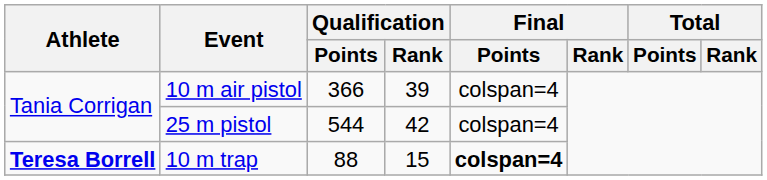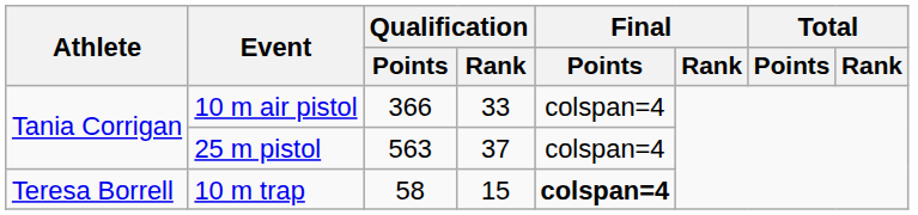 <table class=wikitable style=font-size:90%;text-align:center>
 <tr>
 <th rowspan=2>Athlete</th>
 <th rowspan=2>Event</th>
 <th colspan=2>Qualification</th>
 <th colspan=2>Final</th>
 <th colspan=2>Total</th>
 </tr>
 <tr style=font-size:95%>
 <th>Points</th>
 <th>Rank</th>
 <th>Points</th>
 <th>Rank</th>
 <th>Points</th>
 <th>Rank</th>
 </tr>
 <tr>
 <td align=left rowspan=2><a href='#'>Tania Corrigan</a></td>
 <td align=left><a href='#'>10 m air pistol</a></td>
 <td>366</td>
-<td>39</td>
+<td>33</td>
 <td>colspan=4 </td>
 </tr>
 <tr>
 <td align=left><a href='#'>25 m pistol</a></td>
-<td>544</td>
-<td>42</td>
+<td>563</td>
+<td>37</td>
 <td>colspan=4 </td>
 </tr>
 <tr>
-<td align=left><strong><a href='#'>Teresa Borrell</a></strong></td>
+<td align=left><a href='#'>Teresa Borrell</a></td>
 <td align=left><a href='#'>10 m trap</a></td>
-<td>88</td>
+<td>58</td>
 <td>15</td>
 <td><strong>colspan=4 </strong></td>
 </tr>
 </table>
